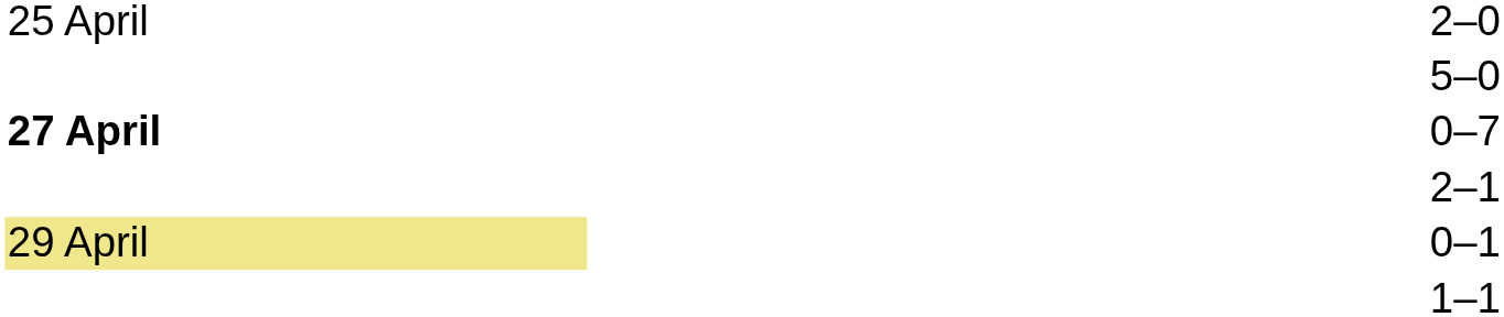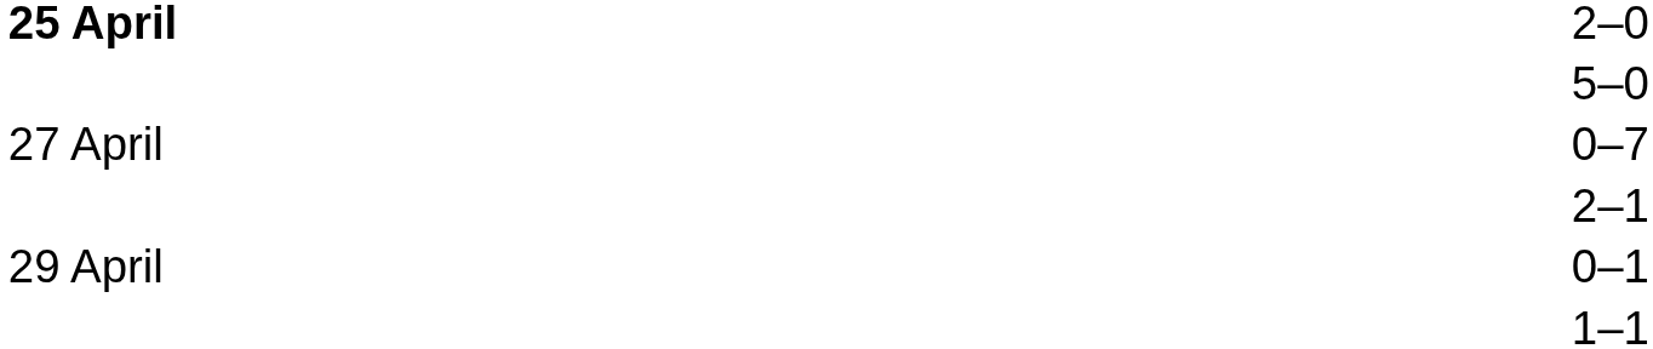 <table cellspacing=1 width=70%>
 <tr>
 <th width=25%></th>
 <th width=30%></th>
 <th width=15%></th>
 <th width=30%></th>
 </tr>
 <tr>
-<td>25 April</td>
+<td><strong>25 April</strong></td>
 <td align=right></td>
 <td align=center>2–0</td>
 <td></td>
 </tr>
 <tr>
 <td></td>
 <td align=right></td>
 <td align=center>5–0</td>
 <td></td>
 </tr>
 <tr>
-<td><strong>27 April</strong></td>
+<td>27 April</td>
 <td align=right></td>
 <td align=center>0–7</td>
 <td></td>
 </tr>
 <tr>
 <td></td>
 <td align=right></td>
 <td align=center>2–1</td>
 <td></td>
 </tr>
 <tr>
-<td style="background: khaki;">29 April</td>
+<td>29 April</td>
 <td align=right></td>
 <td align=center>0–1</td>
 <td></td>
 </tr>
 <tr>
 <td></td>
 <td align=right></td>
 <td align=center>1–1</td>
 <td></td>
 </tr>
 </table>
